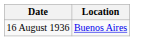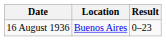 <table class="wikitable" style="align:center;">
 <tr>
 <th>Date</th>
 <th>Location</th>
+<th>Result</th>
 </tr>
 <tr>
 <td>16 August 1936</td>
 <td><a href='#'>Buenos Aires</a></td>
+<td> 0–23 </td>
 </tr>
 </table>
